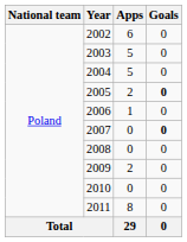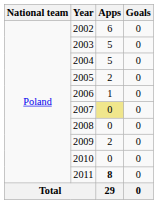 <table class="wikitable" style="text-align:center">
 <tr>
 <th>National team</th>
 <th>Year</th>
 <th>Apps</th>
 <th>Goals</th>
 </tr>
 <tr>
 <td rowspan="10"><a href='#'>Poland</a></td>
 <td>2002</td>
 <td>6</td>
 <td>0</td>
 </tr>
 <tr>
 <td>2003</td>
 <td>5</td>
 <td>0</td>
 </tr>
 <tr>
 <td>2004</td>
 <td>5</td>
 <td>0</td>
 </tr>
 <tr>
 <td>2005</td>
 <td>2</td>
-<td><strong>0</strong></td>
+<td>0</td>
 </tr>
 <tr>
 <td>2006</td>
 <td>1</td>
 <td>0</td>
 </tr>
 <tr>
 <td>2007</td>
+<td style="background: khaki;">0</td>
 <td>0</td>
-<td><strong>0</strong></td>
 </tr>
 <tr>
 <td>2008</td>
 <td>0</td>
 <td>0</td>
 </tr>
 <tr>
 <td>2009</td>
 <td>2</td>
 <td>0</td>
 </tr>
 <tr>
 <td>2010</td>
 <td>0</td>
 <td>0</td>
 </tr>
 <tr>
 <td>2011</td>
-<td>8</td>
+<td><strong>8</strong></td>
 <td>0</td>
 </tr>
 <tr>
 <th colspan="2">Total</th>
 <th>29</th>
 <th>0</th>
 </tr>
 </table>
